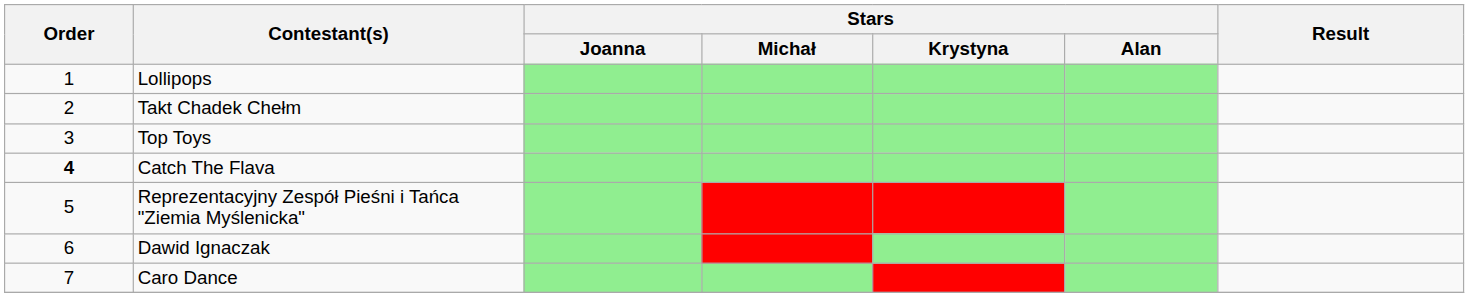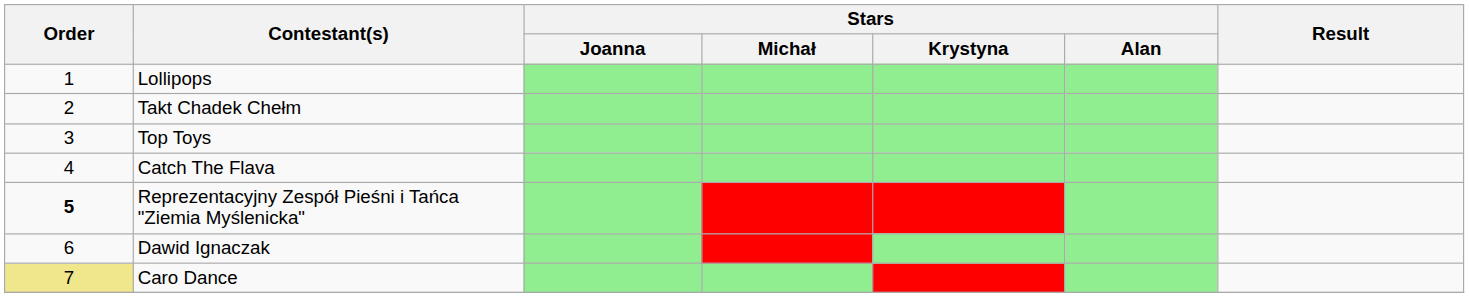 <table class="wikitable">
 <tr>
 <th style="width:2%;" rowspan="2">Order</th>
 <th style="width:7%;" rowspan="2">Contestant(s)</th>
 <th style="width:9%;" colspan="4">Stars</th>
 <th style="width:5%;" rowspan="2">Result</th>
 </tr>
 <tr>
 <th style="width:3%;">Joanna</th>
 <th style="width:3%;">Michał</th>
 <th style="width:3%;">Krystyna</th>
 <th style="width:3%;">Alan</th>
 </tr>
 <tr>
 <td style="text-align:center">1</td>
 <td>Lollipops</td>
 <td bgcolor="lightgreen"></td>
 <td bgcolor="lightgreen"></td>
 <td bgcolor="lightgreen"></td>
 <td bgcolor="lightgreen"></td>
 <td></td>
 </tr>
 <tr>
 <td style="text-align:center">2</td>
 <td>Takt Chadek Chełm</td>
 <td bgcolor="lightgreen"></td>
 <td bgcolor="lightgreen"></td>
 <td bgcolor="lightgreen"></td>
 <td bgcolor="lightgreen"></td>
 <td></td>
 </tr>
 <tr>
 <td style="text-align:center">3</td>
 <td>Top Toys</td>
 <td bgcolor="lightgreen"></td>
 <td bgcolor="lightgreen"></td>
 <td bgcolor="lightgreen"></td>
 <td bgcolor="lightgreen"></td>
 <td></td>
 </tr>
 <tr>
-<td style="text-align:center"><strong>4</strong></td>
+<td style="text-align:center">4</td>
 <td>Catch The Flava</td>
 <td bgcolor="lightgreen"></td>
 <td bgcolor="lightgreen"></td>
 <td bgcolor="lightgreen"></td>
 <td bgcolor="lightgreen"></td>
 <td></td>
 </tr>
 <tr>
-<td style="text-align:center">5</td>
+<td style="text-align:center"><strong>5</strong></td>
 <td>Reprezentacyjny Zespół Pieśni i Tańca "Ziemia Myślenicka"</td>
 <td bgcolor="lightgreen"></td>
 <td bgcolor="red"></td>
 <td bgcolor="red"></td>
 <td bgcolor="lightgreen"></td>
 <td></td>
 </tr>
 <tr>
 <td style="text-align:center">6</td>
 <td>Dawid Ignaczak</td>
 <td bgcolor="lightgreen"></td>
 <td bgcolor="red"></td>
 <td bgcolor="lightgreen"></td>
 <td bgcolor="lightgreen"></td>
 <td></td>
 </tr>
 <tr>
-<td style="text-align:center">7</td>
+<td style="background: khaki; text-align:center">7</td>
 <td>Caro Dance</td>
 <td bgcolor="lightgreen"></td>
 <td bgcolor="lightgreen"></td>
 <td bgcolor="red"></td>
 <td bgcolor="lightgreen"></td>
 <td></td>
 </tr>
 <tr>
 </tr>
 </table>
